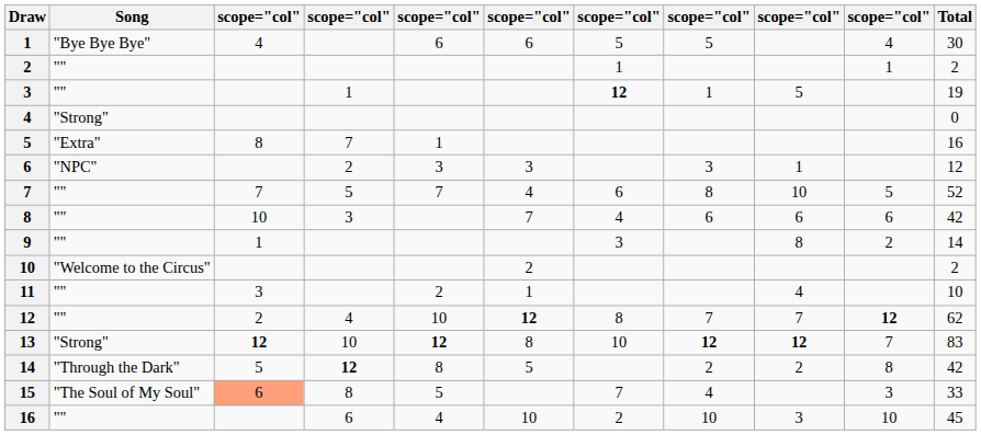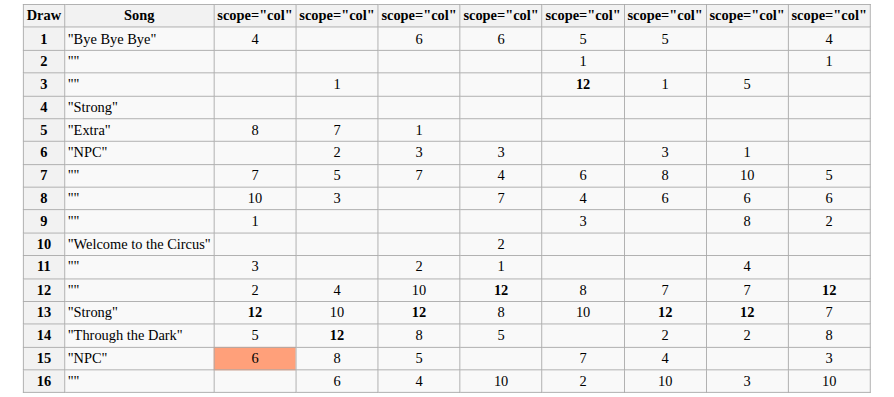 <table class="wikitable plainrowheaders collapsible" style="margin: 1em auto 1em auto; text-align:center;">
 <tr>
 <th>Draw</th>
 <th>Song</th>
 <th>scope="col" </th>
 <th>scope="col" </th>
 <th>scope="col" </th>
 <th>scope="col" </th>
 <th>scope="col" </th>
 <th>scope="col" </th>
 <th>scope="col" </th>
 <th>scope="col" </th>
-<th>Total</th>
 </tr>
 <tr>
 <th scope="row" style="text-align:center">1</th>
 <td align="left">"Bye Bye Bye"</td>
 <td>4</td>
 <td></td>
 <td>6</td>
 <td>6</td>
 <td>5</td>
 <td>5</td>
 <td></td>
 <td>4</td>
-<td>30</td>
 </tr>
 <tr>
 <th scope="row" style="text-align:center">2</th>
 <td align="left">""</td>
 <td></td>
 <td></td>
 <td></td>
 <td></td>
 <td>1</td>
 <td></td>
 <td></td>
 <td>1</td>
-<td>2</td>
 </tr>
 <tr>
 <th scope="row" style="text-align:center">3</th>
 <td align="left">""</td>
 <td></td>
 <td>1</td>
 <td></td>
 <td></td>
 <td><strong>12</strong></td>
 <td>1</td>
 <td>5</td>
 <td></td>
-<td>19</td>
 </tr>
 <tr>
 <th scope="row" style="text-align:center">4</th>
 <td align="left">"Strong"</td>
 <td></td>
 <td></td>
 <td></td>
 <td></td>
 <td></td>
 <td></td>
 <td></td>
 <td></td>
-<td>0</td>
 </tr>
 <tr>
 <th scope="row" style="text-align:center">5</th>
 <td align="left">"Extra"</td>
 <td>8</td>
 <td>7</td>
 <td>1</td>
 <td></td>
 <td></td>
 <td></td>
 <td></td>
 <td></td>
-<td>16</td>
 </tr>
 <tr>
 <th scope="row" style="text-align:center">6</th>
 <td align="left">"NPC"</td>
 <td></td>
 <td>2</td>
 <td>3</td>
 <td>3</td>
 <td></td>
 <td>3</td>
 <td>1</td>
 <td></td>
-<td>12</td>
 </tr>
 <tr>
 <th scope="row" style="text-align:center">7</th>
 <td align="left">""</td>
 <td>7</td>
 <td>5</td>
 <td>7</td>
 <td>4</td>
 <td>6</td>
 <td>8</td>
 <td>10</td>
 <td>5</td>
-<td>52</td>
 </tr>
 <tr>
 <th scope="row" style="text-align:center">8</th>
 <td align="left">""</td>
 <td>10</td>
 <td>3</td>
 <td></td>
 <td>7</td>
 <td>4</td>
 <td>6</td>
 <td>6</td>
 <td>6</td>
-<td>42</td>
 </tr>
 <tr>
 <th scope="row" style="text-align:center">9</th>
 <td align="left">""</td>
 <td>1</td>
 <td></td>
 <td></td>
 <td></td>
 <td>3</td>
 <td></td>
 <td>8</td>
 <td>2</td>
-<td>14</td>
 </tr>
 <tr>
 <th scope="row" style="text-align:center">10</th>
 <td align="left">"Welcome to the Circus"</td>
 <td></td>
 <td></td>
 <td></td>
 <td>2</td>
 <td></td>
 <td></td>
 <td></td>
 <td></td>
-<td>2</td>
 </tr>
 <tr>
 <th scope="row" style="text-align:center">11</th>
 <td align="left">""</td>
 <td>3</td>
 <td></td>
 <td>2</td>
 <td>1</td>
 <td></td>
 <td></td>
 <td>4</td>
 <td></td>
-<td>10</td>
 </tr>
 <tr>
 <th scope="row" style="text-align:center">12</th>
 <td align="left">""</td>
 <td>2</td>
 <td>4</td>
 <td>10</td>
 <td><strong>12</strong></td>
 <td>8</td>
 <td>7</td>
 <td>7</td>
 <td><strong>12</strong></td>
-<td>62</td>
 </tr>
 <tr>
 <th scope="row" style="text-align:center">13</th>
 <td align="left">"Strong"</td>
 <td><strong>12</strong></td>
 <td>10</td>
 <td><strong>12</strong></td>
 <td>8</td>
 <td>10</td>
 <td><strong>12</strong></td>
 <td><strong>12</strong></td>
 <td>7</td>
-<td>83</td>
 </tr>
 <tr>
 <th scope="row" style="text-align:center">14</th>
 <td align="left">"Through the Dark"</td>
 <td>5</td>
 <td><strong>12</strong></td>
 <td>8</td>
 <td>5</td>
 <td></td>
 <td>2</td>
 <td>2</td>
 <td>8</td>
-<td>42</td>
 </tr>
 <tr>
 <th scope="row" style="text-align:center">15</th>
-<td align="left">"The Soul of My Soul"</td>
+<td align="left">"NPC"</td>
 <td style="background: lightsalmon;">6</td>
 <td>8</td>
 <td>5</td>
 <td></td>
 <td>7</td>
 <td>4</td>
 <td></td>
 <td>3</td>
-<td>33</td>
 </tr>
 <tr>
 <th scope="row" style="text-align:center">16</th>
 <td align="left">""</td>
 <td></td>
 <td>6</td>
 <td>4</td>
 <td>10</td>
 <td>2</td>
 <td>10</td>
 <td>3</td>
 <td>10</td>
-<td>45</td>
 </tr>
 </table>
